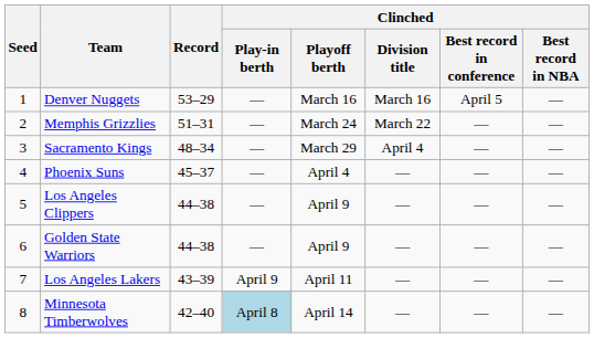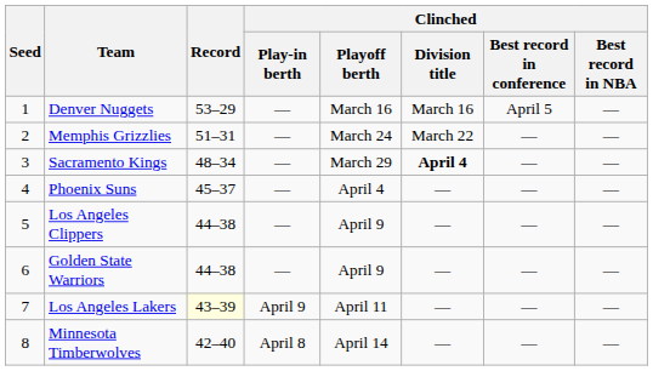 <table class="wikitable" style="font-size:95%; text-align:center">
 <tr>
 <th rowspan=2>Seed</th>
 <th rowspan=2>Team</th>
 <th rowspan=2>Record</th>
 <th colspan=5>Clinched</th>
 </tr>
 <tr>
 <th>Play-in berth</th>
 <th>Playoff berth</th>
 <th>Division title</th>
 <th>Best record<br>in conference</th>
 <th>Best record<br>in NBA</th>
 </tr>
 <tr>
 <td>1</td>
 <td align=left><a href='#'>Denver Nuggets</a></td>
 <td>53–29</td>
 <td>—</td>
 <td>March 16</td>
 <td>March 16</td>
 <td>April 5</td>
 <td>—</td>
 </tr>
 <tr>
 <td>2</td>
 <td align=left><a href='#'>Memphis Grizzlies</a></td>
 <td>51–31</td>
 <td>—</td>
 <td>March 24</td>
 <td>March 22</td>
 <td>—</td>
 <td>—</td>
 </tr>
 <tr>
 <td>3</td>
 <td align=left><a href='#'>Sacramento Kings</a></td>
 <td>48–34</td>
 <td>—</td>
 <td>March 29</td>
-<td>April 4</td>
+<td><strong>April 4</strong></td>
 <td>—</td>
 <td>—</td>
 </tr>
 <tr>
 <td>4</td>
 <td align=left><a href='#'>Phoenix Suns</a></td>
 <td>45–37</td>
 <td>—</td>
 <td>April 4</td>
 <td>—</td>
 <td>—</td>
 <td>—</td>
 </tr>
 <tr>
 <td>5</td>
 <td align=left><a href='#'>Los Angeles Clippers</a></td>
 <td>44–38</td>
 <td>—</td>
 <td>April 9</td>
 <td>—</td>
 <td>—</td>
 <td>—</td>
 </tr>
 <tr>
 <td>6</td>
 <td align=left><a href='#'>Golden State Warriors</a></td>
 <td>44–38</td>
 <td>—</td>
 <td>April 9</td>
 <td>—</td>
 <td>—</td>
 <td>—</td>
 </tr>
 <tr>
 <td>7</td>
 <td align=left><a href='#'>Los Angeles Lakers</a></td>
-<td>43–39</td>
+<td style="background: lightyellow;">43–39</td>
 <td>April 9</td>
 <td>April 11</td>
 <td>—</td>
 <td>—</td>
 <td>—</td>
 </tr>
 <tr>
 <td>8</td>
 <td align=left><a href='#'>Minnesota Timberwolves</a></td>
 <td>42–40</td>
-<td style="background: lightblue;">April 8</td>
+<td>April 8</td>
 <td>April 14</td>
 <td>—</td>
 <td>—</td>
 <td>—</td>
 </tr>
 </table>
